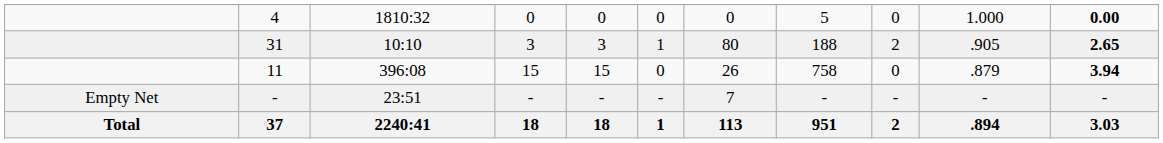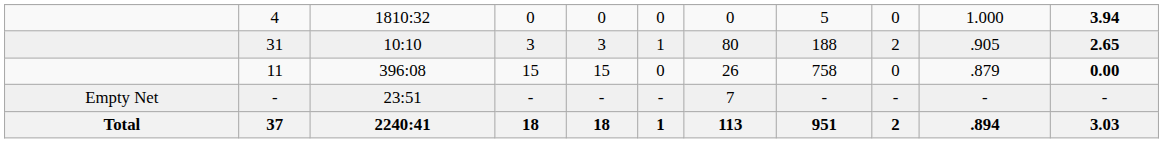 <table class="wikitable sortable" width ="1100">
 <tr align="center">
 </tr>
 <tr align="center" bgcolor="">
 <td></td>
 <td>4</td>
 <td>1810:32</td>
 <td>0</td>
 <td>0</td>
 <td>0</td>
 <td>0</td>
 <td>5</td>
 <td>0</td>
 <td>1.000</td>
-<td><strong>0.00</strong></td>
+<td><strong>3.94</strong></td>
 </tr>
 <tr align="center" bgcolor="f0f0f0">
 <td></td>
 <td>31</td>
 <td>10:10</td>
 <td>3</td>
 <td>3</td>
 <td>1</td>
 <td>80</td>
 <td>188</td>
 <td>2</td>
 <td>.905</td>
 <td><strong>2.65</strong></td>
 </tr>
 <tr align="center" bgcolor="">
 <td></td>
 <td>11</td>
 <td>396:08</td>
 <td>15</td>
 <td>15</td>
 <td>0</td>
 <td>26</td>
 <td>758</td>
 <td>0</td>
 <td>.879</td>
-<td><strong>3.94</strong></td>
+<td><strong>0.00</strong></td>
 </tr>
 <tr align="center" bgcolor="f0f0f0">
 <td>Empty Net</td>
 <td>-</td>
 <td>23:51</td>
 <td>-</td>
 <td>-</td>
 <td>-</td>
 <td>7</td>
 <td>-</td>
 <td>-</td>
 <td>-</td>
 <td>-</td>
 </tr>
 <tr>
 <th>Total</th>
 <th>37</th>
 <th>2240:41</th>
 <th>18</th>
 <th>18</th>
 <th>1</th>
 <th>113</th>
 <th>951</th>
 <th>2</th>
 <th>.894</th>
 <th>3.03</th>
 </tr>
 </table>
